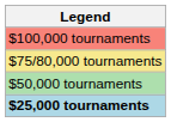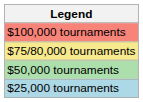 <table class="wikitable" style="font-size:85%">
 <tr>
 <th>Legend</th>
 </tr>
 <tr style="background:#f88379;">
 <td>$100,000 tournaments</td>
 </tr>
 <tr style="background:#f7e98e;">
 <td>$75/80,000 tournaments</td>
 </tr>
 <tr style="background:#addfad;">
 <td>$50,000 tournaments</td>
 </tr>
 <tr style="background:lightblue;">
-<td><strong>$25,000 tournaments</strong></td>
+<td>$25,000 tournaments</td>
 </tr>
 </table>
